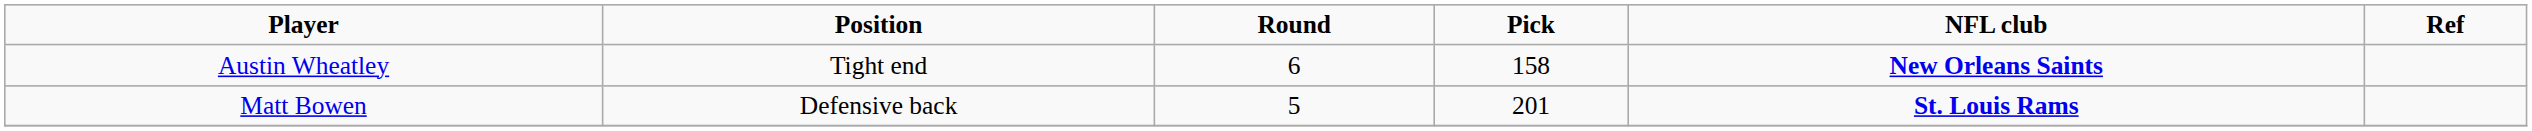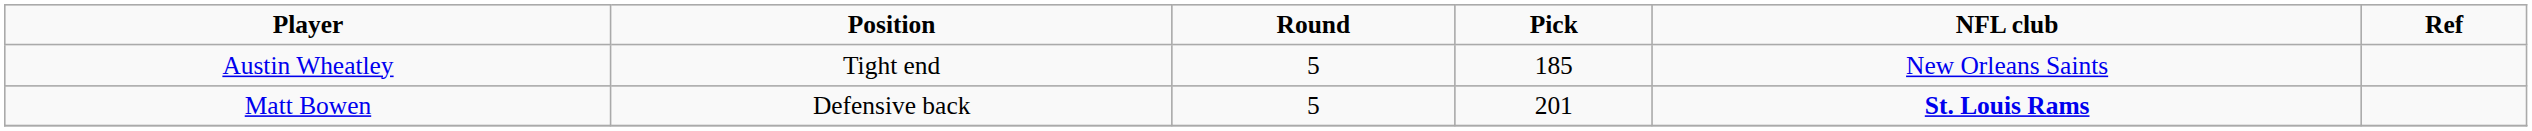 <table class="wikitable" width="80%">
 <tr align="center">
 <td><strong>Player</strong></td>
 <td><strong>Position</strong></td>
 <td><strong>Round</strong></td>
 <td><strong>Pick</strong></td>
 <td><strong>NFL club</strong></td>
 <td><strong>Ref</strong></td>
 </tr>
 <tr align="center" bgcolor="">
 <td><a href='#'>Austin Wheatley</a></td>
 <td>Tight end</td>
-<td>6</td>
-<td>158</td>
-<td><strong><a href='#'>New Orleans Saints</a></strong></td>
+<td>5</td>
+<td>185</td>
+<td><a href='#'>New Orleans Saints</a></td>
 <td></td>
 </tr>
 <tr align="center" bgcolor="">
 <td><a href='#'>Matt Bowen</a></td>
 <td>Defensive back</td>
 <td>5</td>
 <td>201</td>
 <td><strong><a href='#'>St. Louis Rams</a></strong></td>
 <td></td>
 </tr>
 <tr align="center" bgcolor="">
 </tr>
 </table>
